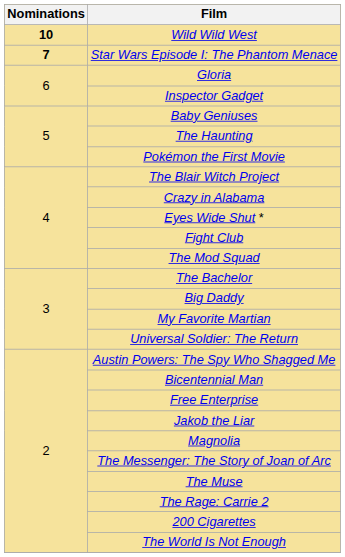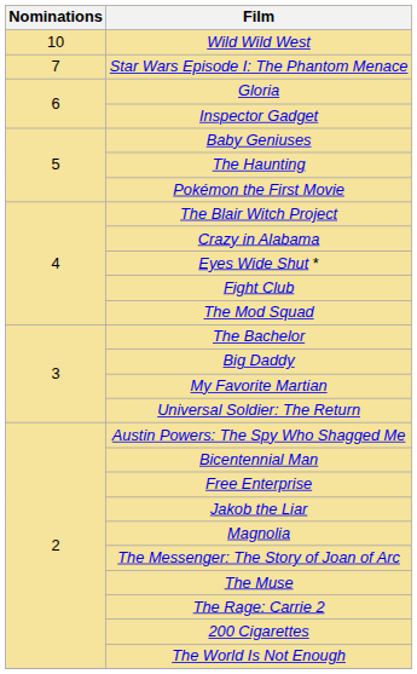 <table class="wikitable sortable" rowspan=2 style="text-align: center; background: #f6e39c">
 <tr>
 <th scope="col" width="55">Nominations</th>
 <th scope="col" align="center">Film</th>
 </tr>
 <tr>
-<td><strong>10</strong></td>
+<td>10</td>
 <td><em><a href='#'>Wild Wild West</a></em></td>
 </tr>
 <tr>
-<td><strong>7</strong></td>
+<td>7</td>
 <td><em><a href='#'>Star Wars Episode I: The Phantom Menace</a></em></td>
 </tr>
 <tr>
 <td rowspan="2" style="text-align:center">6</td>
 <td><em><a href='#'>Gloria</a></em></td>
 </tr>
 <tr>
 <td><em><a href='#'>Inspector Gadget</a></em></td>
 </tr>
 <tr>
 <td rowspan="3" style="text-align:center">5</td>
 <td><em><a href='#'>Baby Geniuses</a></em></td>
 </tr>
 <tr>
 <td><em><a href='#'>The Haunting</a></em></td>
 </tr>
 <tr>
 <td><em><a href='#'>Pokémon the First Movie</a></em></td>
 </tr>
 <tr>
 <td rowspan="5" style="text-align:center">4</td>
 <td><em><a href='#'>The Blair Witch Project</a></em></td>
 </tr>
 <tr>
 <td><em><a href='#'>Crazy in Alabama</a></em></td>
 </tr>
 <tr>
 <td><em><a href='#'>Eyes Wide Shut</a></em> *</td>
 </tr>
 <tr>
 <td><em><a href='#'>Fight Club</a></em></td>
 </tr>
 <tr>
 <td><em><a href='#'>The Mod Squad</a></em></td>
 </tr>
 <tr>
 <td rowspan="4" style="text-align:center">3</td>
 <td><em><a href='#'>The Bachelor</a></em></td>
 </tr>
 <tr>
 <td><em><a href='#'>Big Daddy</a></em></td>
 </tr>
 <tr>
 <td><em><a href='#'>My Favorite Martian</a></em></td>
 </tr>
 <tr>
 <td><em><a href='#'>Universal Soldier: The Return</a></em></td>
 </tr>
 <tr>
 <td rowspan="10" style="text-align:center">2</td>
 <td><em><a href='#'>Austin Powers: The Spy Who Shagged Me</a></em></td>
 </tr>
 <tr>
 <td><em><a href='#'>Bicentennial Man</a></em></td>
 </tr>
 <tr>
 <td><em><a href='#'>Free Enterprise</a></em></td>
 </tr>
 <tr>
 <td><em><a href='#'>Jakob the Liar</a></em></td>
 </tr>
 <tr>
 <td><em><a href='#'>Magnolia</a></em></td>
 </tr>
 <tr>
 <td><em><a href='#'>The Messenger: The Story of Joan of Arc</a></em></td>
 </tr>
 <tr>
 <td><em><a href='#'>The Muse</a></em></td>
 </tr>
 <tr>
 <td><em><a href='#'>The Rage: Carrie 2</a></em></td>
 </tr>
 <tr>
 <td><em><a href='#'>200 Cigarettes</a></em></td>
 </tr>
 <tr>
 <td><em><a href='#'>The World Is Not Enough</a></em></td>
 </tr>
 <tr>
 </tr>
 </table>
